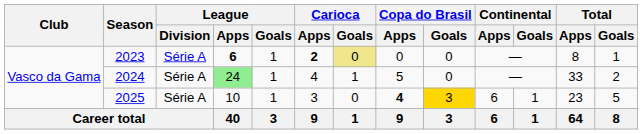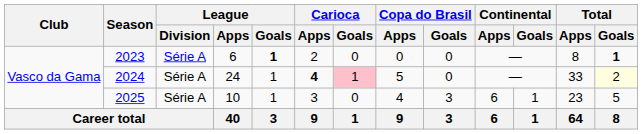 <table class="wikitable" style="text-align: center">
 <tr>
 <th rowspan=2>Club</th>
 <th rowspan=2>Season</th>
 <th colspan=3>League</th>
 <th colspan=2><a href='#'>Carioca</a></th>
 <th colspan=2><a href='#'>Copa do Brasil</a></th>
 <th colspan=2>Continental</th>
 <th colspan=2>Total</th>
 </tr>
 <tr>
 <th>Division</th>
 <th>Apps</th>
 <th>Goals</th>
 <th>Apps</th>
 <th>Goals</th>
 <th>Apps</th>
 <th>Goals</th>
 <th>Apps</th>
 <th>Goals</th>
 <th>Apps</th>
 <th>Goals</th>
 </tr>
 <tr>
 <td rowspan="3"><a href='#'>Vasco da Gama</a></td>
 <td><a href='#'>2023</a></td>
 <td><a href='#'>Série A</a></td>
-<td><strong>6</strong></td>
-<td>1</td>
-<td><strong>2</strong></td>
-<td style="background: khaki;">0</td>
+<td>6</td>
+<td><strong>1</strong></td>
+<td>2</td>
+<td>0</td>
 <td>0</td>
 <td>0</td>
 <td colspan=2>—</td>
 <td>8</td>
-<td>1</td>
+<td><strong>1</strong></td>
 </tr>
 <tr>
 <td><a href='#'>2024</a></td>
 <td>Série A</td>
-<td style="background: lightgreen;">24</td>
+<td>24</td>
 <td>1</td>
-<td>4</td>
-<td>1</td>
+<td><strong>4</strong></td>
+<td style="background: pink;">1</td>
 <td>5</td>
 <td>0</td>
 <td colspan=2>—</td>
 <td>33</td>
-<td>2</td>
+<td style="background: lightyellow;">2</td>
 </tr>
 <tr>
 <td><a href='#'>2025</a></td>
 <td>Série A</td>
 <td>10</td>
 <td>1</td>
 <td>3</td>
 <td>0</td>
-<td><strong>4</strong></td>
-<td style="background: gold;">3</td>
+<td>4</td>
+<td>3</td>
 <td>6</td>
 <td>1</td>
 <td>23</td>
 <td>5</td>
 </tr>
 <tr>
 <th colspan=3><strong>Career total</strong></th>
 <th>40</th>
 <th>3</th>
 <th>9</th>
 <th>1</th>
 <th>9</th>
 <th>3</th>
 <th>6</th>
 <th>1</th>
 <th>64</th>
 <th>8</th>
 </tr>
 </table>
